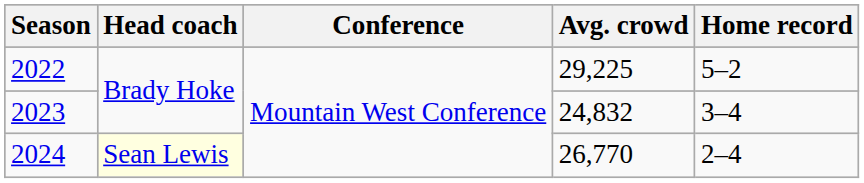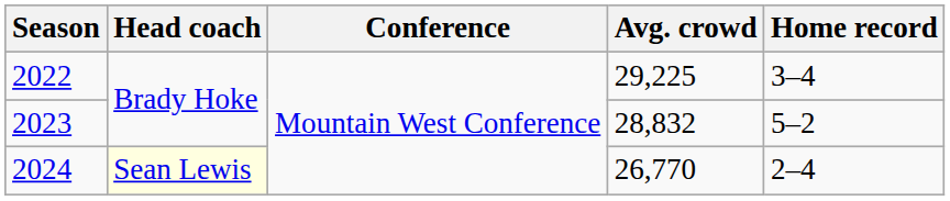 <table class="wikitable">
 <tr>
 <th>Season</th>
 <th>Head coach</th>
 <th>Conference</th>
 <th>Avg. crowd</th>
 <th>Home record</th>
 </tr>
 <tr>
 <td><a href='#'>2022</a></td>
 <td rowspan=2><a href='#'>Brady Hoke</a></td>
 <td rowspan=3><a href='#'>Mountain West Conference</a></td>
 <td>29,225</td>
-<td>5–2</td>
+<td>3–4</td>
 </tr>
 <tr>
 <td><a href='#'>2023</a></td>
-<td>24,832</td>
-<td>3–4</td>
+<td>28,832</td>
+<td>5–2</td>
 </tr>
 <tr>
 <td><a href='#'>2024</a></td>
 <td style="background: lightyellow;"><a href='#'>Sean Lewis</a></td>
 <td>26,770</td>
 <td>2–4</td>
 </tr>
 </table>
